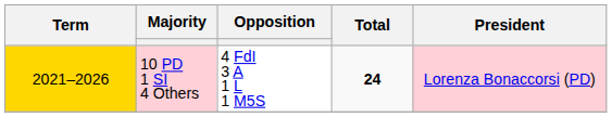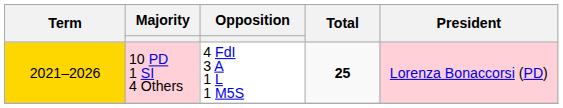 <table class="wikitable" style="text-align:center;font-size:85%;line-height:13px">
 <tr style="height:30px; background-color:#E9E9E9">
 <th style="width:110px;" rowspan="2">Term</th>
 <th style="width:65px;">Majority</th>
 <th style="width:95px;">Opposition</th>
 <th style="width:65px;" rowspan="2">Total</th>
 <th style="width:165px;" rowspan="2">President</th>
 </tr>
 <tr>
 <th style="background:"></th>
 <th style="background:"></th>
 </tr>
 <tr>
 <td style="background: gold;">2021–2026</td>
 <td style="background:#FFD0D7; text-align:left;">10 <a href='#'>PD</a> <br>1 <a href='#'>SI</a> <br> 4 Others</td>
 <td style="background:white; text-align:left;">4 <a href='#'>FdI</a> <br> 3 <a href='#'>A</a><br> 1 <a href='#'>L</a><br> 1 <a href='#'>M5S</a> <br></td>
-<td><strong>24</strong></td>
+<td><strong>25</strong></td>
 <td style="background:#FFD0D7; text-align:center;"><a href='#'>Lorenza Bonaccorsi</a> (<a href='#'>PD</a>)</td>
 </tr>
 <tr>
 </tr>
 </table>
